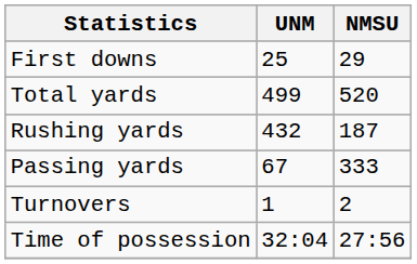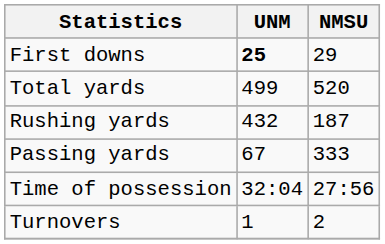 <table class="wikitable">
 <tr>
 <th>Statistics</th>
 <th>UNM</th>
 <th>NMSU</th>
 </tr>
 <tr>
 <td>First downs</td>
-<td>25</td>
+<td><strong>25</strong></td>
 <td>29</td>
 </tr>
 <tr>
 <td>Total yards</td>
 <td>499</td>
 <td>520</td>
 </tr>
 <tr>
 <td>Rushing yards</td>
 <td>432</td>
 <td>187</td>
 </tr>
 <tr>
 <td>Passing yards</td>
 <td>67</td>
 <td>333</td>
 </tr>
 <tr>
+<td>Time of possession</td>
+<td>32:04</td>
+<td>27:56</td>
+</tr>
+<tr>
 <td>Turnovers</td>
 <td>1</td>
 <td>2</td>
 </tr>
 <tr>
-<td>Time of possession</td>
-<td>32:04</td>
-<td>27:56</td>
-</tr>
-<tr>
 </tr>
 </table>
